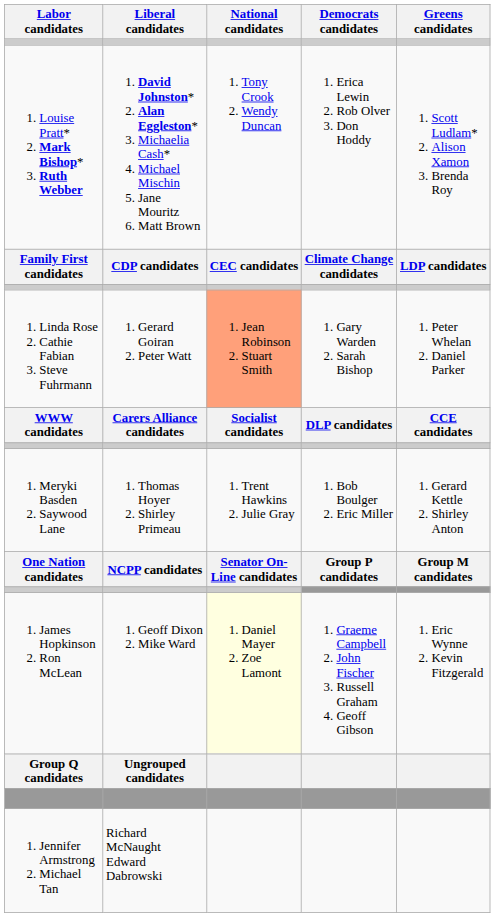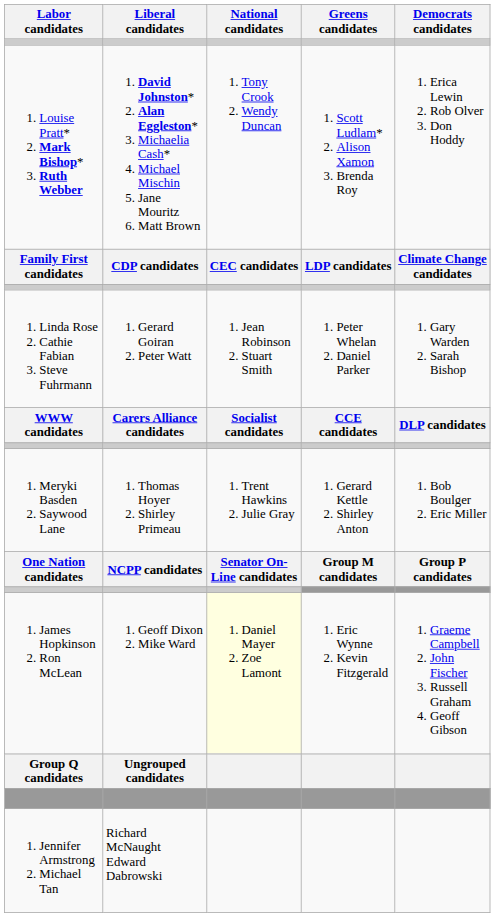 <table class="wikitable">
 <tr>
 <th><a href='#'>Labor</a> candidates</th>
 <th><a href='#'>Liberal</a> candidates</th>
 <th><a href='#'>National</a> candidates</th>
+<th><a href='#'>Greens</a> candidates</th>
 <th><a href='#'>Democrats</a> candidates</th>
-<th><a href='#'>Greens</a> candidates</th>
 </tr>
 <tr style="background:#ccc;">
 <td></td>
 <td></td>
 <td></td>
 <td></td>
 <td></td>
 </tr>
 <tr>
 <td><br><ol><li><a href='#'>Louise Pratt</a>*</li><li><strong><a href='#'>Mark Bishop</a></strong>*</li><li><strong><a href='#'>Ruth Webber</a></strong></li></ol></td>
 <td><br><ol><li><strong><a href='#'>David Johnston</a></strong>*</li><li><strong><a href='#'>Alan Eggleston</a></strong>*</li><li><a href='#'>Michaelia Cash</a>*</li><li><a href='#'>Michael Mischin</a></li><li>Jane Mouritz</li><li>Matt Brown</li></ol></td>
 <td valign=top><br><ol><li><a href='#'>Tony Crook</a></li><li><a href='#'>Wendy Duncan</a></li></ol></td>
+<td><br><ol><li><a href='#'>Scott Ludlam</a>*</li><li><a href='#'>Alison Xamon</a></li><li>Brenda Roy</li></ol></td>
 <td valign=top><br><ol><li>Erica Lewin</li><li>Rob Olver</li><li>Don Hoddy</li></ol></td>
-<td><br><ol><li><a href='#'>Scott Ludlam</a>*</li><li><a href='#'>Alison Xamon</a></li><li>Brenda Roy</li></ol></td>
 </tr>
 <tr style="background:#ccc;">
 <th><a href='#'>Family First</a> candidates</th>
 <th><a href='#'>CDP</a> candidates</th>
 <th><a href='#'>CEC</a> candidates</th>
+<th><a href='#'>LDP</a> candidates</th>
 <th><a href='#'>Climate Change</a> candidates</th>
-<th><a href='#'>LDP</a> candidates</th>
 </tr>
 <tr style="background:#ccc;">
 <td></td>
 <td></td>
 <td></td>
 <td></td>
 <td></td>
 </tr>
 <tr>
 <td valign=top><br><ol><li>Linda Rose</li><li>Cathie Fabian</li><li>Steve Fuhrmann</li></ol></td>
 <td valign=top><br><ol><li>Gerard Goiran</li><li>Peter Watt</li></ol></td>
-<td valign=top style="background: lightsalmon;"><br><ol><li>Jean Robinson</li><li>Stuart Smith</li></ol></td>
+<td valign=top><br><ol><li>Jean Robinson</li><li>Stuart Smith</li></ol></td>
+<td valign=top><br><ol><li>Peter Whelan</li><li>Daniel Parker</li></ol></td>
 <td valign=top><br><ol><li>Gary Warden</li><li>Sarah Bishop</li></ol></td>
-<td valign=top><br><ol><li>Peter Whelan</li><li>Daniel Parker</li></ol></td>
 </tr>
 <tr style="background:#ccc;">
 <th><a href='#'>WWW</a> candidates</th>
 <th><a href='#'>Carers Alliance</a> candidates</th>
 <th><a href='#'>Socialist</a> candidates</th>
+<th><a href='#'>CCE</a> candidates</th>
 <th><a href='#'>DLP</a> candidates</th>
-<th><a href='#'>CCE</a> candidates</th>
 </tr>
 <tr style="background:#ccc;">
 <td></td>
 <td></td>
 <td></td>
 <td></td>
 <td></td>
 </tr>
 <tr>
 <td valign=top><br><ol><li>Meryki Basden</li><li>Saywood Lane</li></ol></td>
 <td valign=top><br><ol><li>Thomas Hoyer</li><li>Shirley Primeau</li></ol></td>
 <td valign=top><br><ol><li>Trent Hawkins</li><li>Julie Gray</li></ol></td>
+<td valign=top><br><ol><li>Gerard Kettle</li><li>Shirley Anton</li></ol></td>
 <td valign=top><br><ol><li>Bob Boulger</li><li>Eric Miller</li></ol></td>
-<td valign=top><br><ol><li>Gerard Kettle</li><li>Shirley Anton</li></ol></td>
 </tr>
 <tr style="background:#ccc;">
 <th><a href='#'>One Nation</a> candidates</th>
 <th><a href='#'>NCPP</a> candidates</th>
 <th><a href='#'>Senator On-Line</a> candidates</th>
+<th>Group M candidates</th>
 <th>Group P candidates</th>
-<th>Group M candidates</th>
 </tr>
 <tr style="background:#ccc;">
 <td></td>
 <td></td>
 <td></td>
 <td style="background:#999;"></td>
 <td style="background:#999;"></td>
 </tr>
 <tr>
 <td valign=top><br><ol><li>James Hopkinson</li><li>Ron McLean</li></ol></td>
 <td valign=top><br><ol><li>Geoff Dixon</li><li>Mike Ward</li></ol></td>
 <td valign=top style="background: lightyellow;"><br><ol><li>Daniel Mayer</li><li>Zoe Lamont</li></ol></td>
+<td valign=top><br><ol><li>Eric Wynne</li><li>Kevin Fitzgerald</li></ol></td>
 <td valign=top><br><ol><li><a href='#'>Graeme Campbell</a></li><li><a href='#'>John Fischer</a></li><li>Russell Graham</li><li>Geoff Gibson</li></ol></td>
-<td valign=top><br><ol><li>Eric Wynne</li><li>Kevin Fitzgerald</li></ol></td>
 </tr>
 <tr style="background:#ccc;">
 <th>Group Q candidates</th>
 <th>Ungrouped candidates</th>
 <th></th>
 <th></th>
 <th></th>
 </tr>
 <tr style=" background:#999;">
 <td></td>
 <td style="background:#999;"></td>
 <td style="background:#999;"></td>
+<td style="background:#999;"></td>
 <td style="background:#999;"> </td>
-<td style="background:#999;"></td>
 </tr>
 <tr>
 <td valign=top><br><ol><li>Jennifer Armstrong</li><li>Michael Tan</li></ol></td>
 <td valign=top><br>Richard McNaught <br> Edward Dabrowski</td>
 <td valign=top></td>
 <td valign=top></td>
 <td valign=top></td>
 </tr>
 </table>
